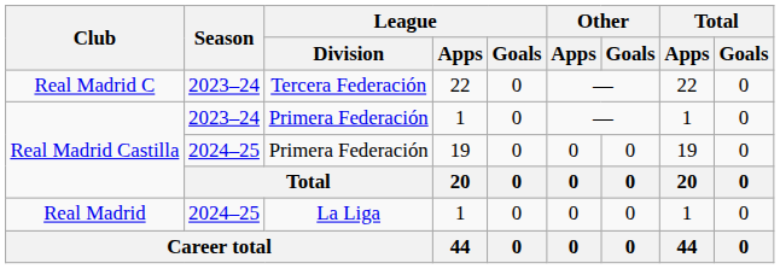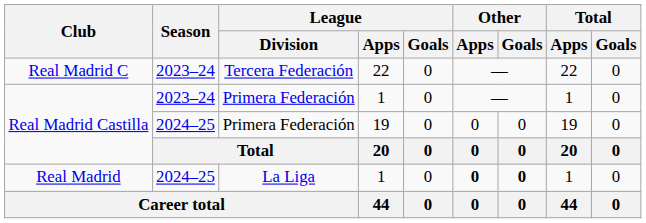 <table class="wikitable" style="text-align:center">
 <tr>
 <th rowspan="2">Club</th>
 <th rowspan="2">Season</th>
 <th colspan="3">League</th>
 <th colspan="2">Other</th>
 <th colspan="2">Total</th>
 </tr>
 <tr>
 <th>Division</th>
 <th>Apps</th>
 <th>Goals</th>
 <th>Apps</th>
 <th>Goals</th>
 <th>Apps</th>
 <th>Goals</th>
 </tr>
 <tr>
 <td><a href='#'>Real Madrid C</a></td>
 <td><a href='#'>2023–24</a></td>
 <td><a href='#'>Tercera Federación</a></td>
 <td>22</td>
 <td>0</td>
 <td colspan="2">—</td>
 <td>22</td>
 <td>0</td>
 </tr>
 <tr>
 <td rowspan="3"><a href='#'>Real Madrid Castilla</a></td>
 <td><a href='#'>2023–24</a></td>
 <td><a href='#'>Primera Federación</a></td>
 <td>1</td>
 <td>0</td>
 <td colspan="2">—</td>
 <td>1</td>
 <td>0</td>
 </tr>
 <tr>
 <td><a href='#'>2024–25</a></td>
 <td>Primera Federación</td>
 <td>19</td>
 <td>0</td>
 <td>0</td>
 <td>0</td>
 <td>19</td>
 <td>0</td>
 </tr>
 <tr>
 <th colspan="2">Total</th>
 <th>20</th>
 <th>0</th>
 <th>0</th>
 <th>0</th>
 <th>20</th>
 <th>0</th>
 </tr>
 <tr>
 <td><a href='#'>Real Madrid</a></td>
 <td><a href='#'>2024–25</a></td>
 <td><a href='#'>La Liga</a></td>
 <td>1</td>
 <td>0</td>
-<td>0</td>
-<td>0</td>
+<td><strong>0</strong></td>
+<td><strong>0</strong></td>
 <td>1</td>
 <td>0</td>
 </tr>
 <tr>
 <th colspan="3">Career total</th>
 <th>44</th>
 <th>0</th>
 <th>0</th>
 <th>0</th>
 <th>44</th>
 <th>0</th>
 </tr>
 </table>
